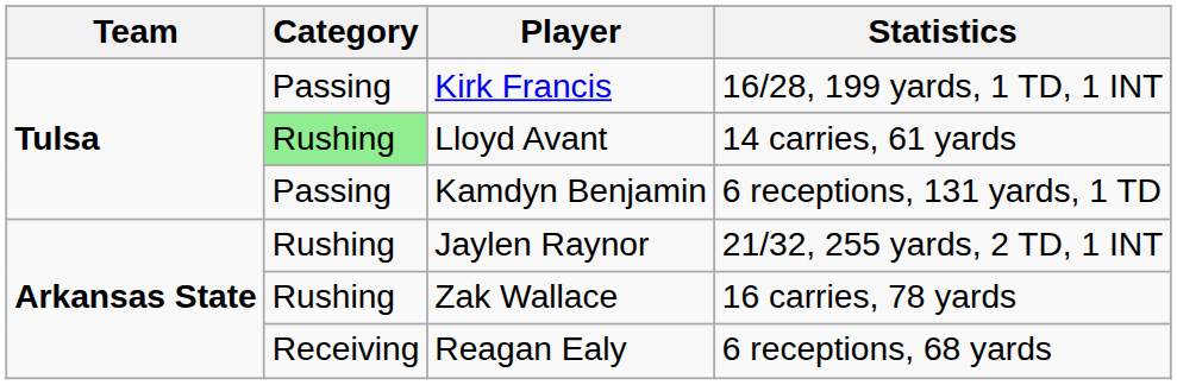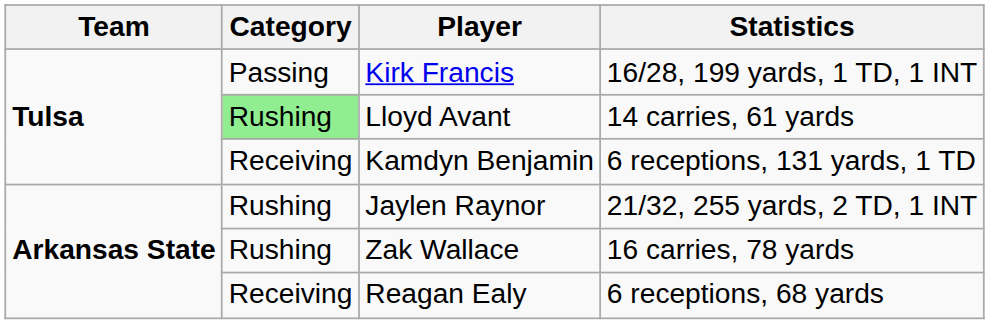 <table class="wikitable" style="float: right;">
 <tr>
 <th>Team</th>
 <th>Category</th>
 <th>Player</th>
 <th>Statistics</th>
 </tr>
 <tr>
 <td rowspan=3><strong>Tulsa</strong></td>
 <td>Passing</td>
 <td><a href='#'>Kirk Francis</a></td>
 <td>16/28, 199 yards, 1 TD, 1 INT</td>
 </tr>
 <tr>
 <td style="background: lightgreen;">Rushing</td>
 <td>Lloyd Avant</td>
 <td>14 carries, 61 yards</td>
 </tr>
 <tr>
-<td>Passing</td>
+<td>Receiving</td>
 <td>Kamdyn Benjamin</td>
 <td>6 receptions, 131 yards, 1 TD</td>
 </tr>
 <tr>
 <td rowspan=3><strong>Arkansas State</strong></td>
 <td>Rushing</td>
 <td>Jaylen Raynor</td>
 <td>21/32, 255 yards, 2 TD, 1 INT</td>
 </tr>
 <tr>
 <td>Rushing</td>
 <td>Zak Wallace</td>
 <td>16 carries, 78 yards</td>
 </tr>
 <tr>
 <td>Receiving</td>
 <td>Reagan Ealy</td>
 <td>6 receptions, 68 yards</td>
 </tr>
 </table>
